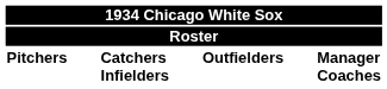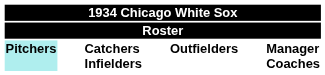 <table class="toccolours" style="font-size: 95%;">
 <tr>
 <th colspan="10" style="background-color: black; color: white; text-align: center;">1934 Chicago White Sox</th>
 </tr>
 <tr>
 <td colspan="10" style="background-color: black; color: white; text-align: center;"><strong>Roster</strong></td>
 </tr>
 <tr>
-<td valign="top"><strong>Pitchers</strong><br>             </td>
+<td valign="top" style="background: paleturquoise;"><strong>Pitchers</strong><br>             </td>
 <td width="25px"></td>
 <td valign="top"><strong>Catchers</strong><br>      <strong>Infielders</strong>         </td>
 <td width="25px"></td>
 <td valign="top"><strong>Outfielders</strong><br>        </td>
 <td width="25px"></td>
 <td valign="top"><strong>Manager</strong><br>  <strong>Coaches</strong> </td>
 </tr>
 </table>
